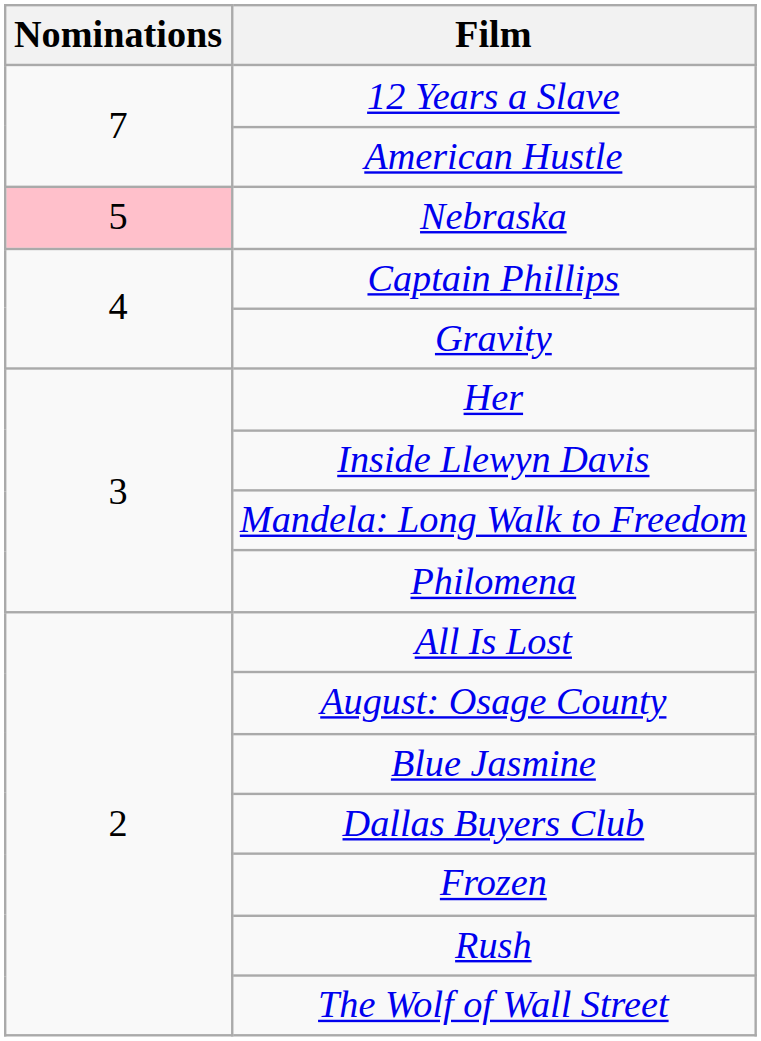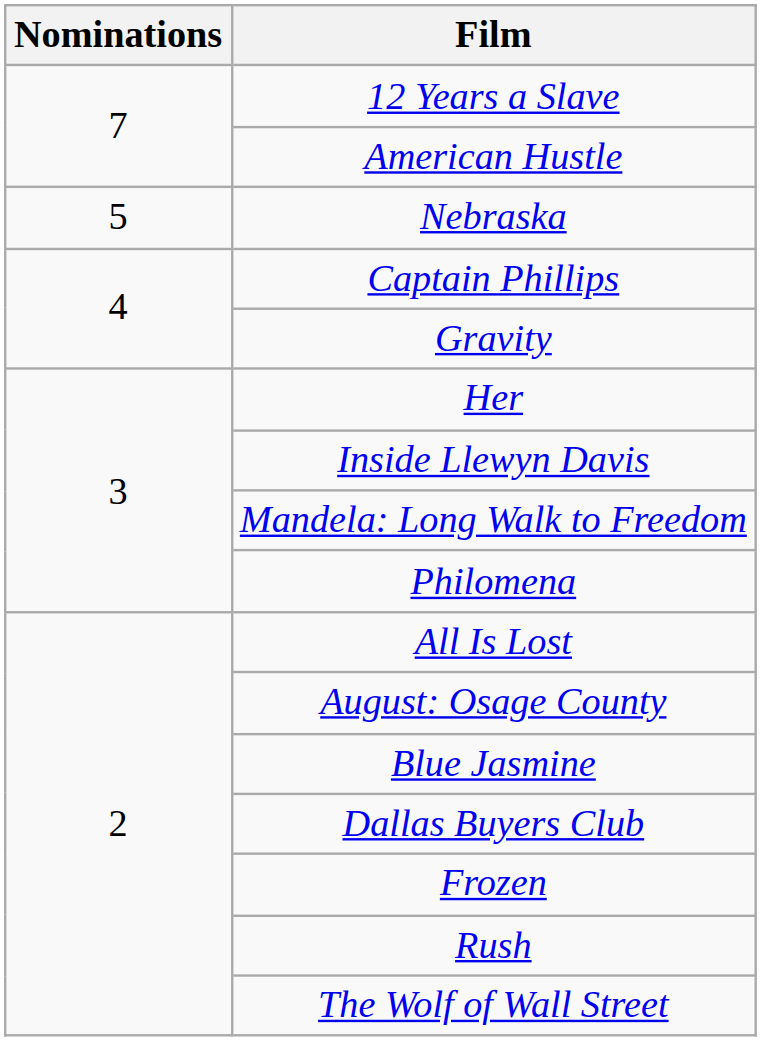 <table class="wikitable" style="text-align: center">
 <tr>
 <th scope="col" width="55">Nominations</th>
 <th scope="col" align="center">Film</th>
 </tr>
 <tr>
 <td rowspan=2 style="text-align:center">7</td>
 <td><em><a href='#'>12 Years a Slave</a></em></td>
 </tr>
 <tr>
 <td><em><a href='#'>American Hustle</a></em></td>
 </tr>
 <tr>
-<td align="center" style="background: pink;">5</td>
+<td align="center">5</td>
 <td><em><a href='#'>Nebraska</a></em></td>
 </tr>
 <tr>
 <td rowspan=2 style="text-align:center">4</td>
 <td><em><a href='#'>Captain Phillips</a></em></td>
 </tr>
 <tr>
 <td><em><a href='#'>Gravity</a></em></td>
 </tr>
 <tr>
 <td rowspan=4 style="text-align:center">3</td>
 <td><em><a href='#'>Her</a></em></td>
 </tr>
 <tr>
 <td><em><a href='#'>Inside Llewyn Davis</a></em></td>
 </tr>
 <tr>
 <td><em><a href='#'>Mandela: Long Walk to Freedom</a></em></td>
 </tr>
 <tr>
 <td><em><a href='#'>Philomena</a></em></td>
 </tr>
 <tr>
 <td rowspan=7 style="text-align:center">2</td>
 <td><em><a href='#'>All Is Lost</a></em></td>
 </tr>
 <tr>
 <td><em><a href='#'>August: Osage County</a></em></td>
 </tr>
 <tr>
 <td><em><a href='#'>Blue Jasmine</a></em></td>
 </tr>
 <tr>
 <td><em><a href='#'>Dallas Buyers Club</a></em></td>
 </tr>
 <tr>
 <td><em><a href='#'>Frozen</a></em></td>
 </tr>
 <tr>
 <td><em><a href='#'>Rush</a></em></td>
 </tr>
 <tr>
 <td><em><a href='#'>The Wolf of Wall Street</a></em></td>
 </tr>
 </table>
